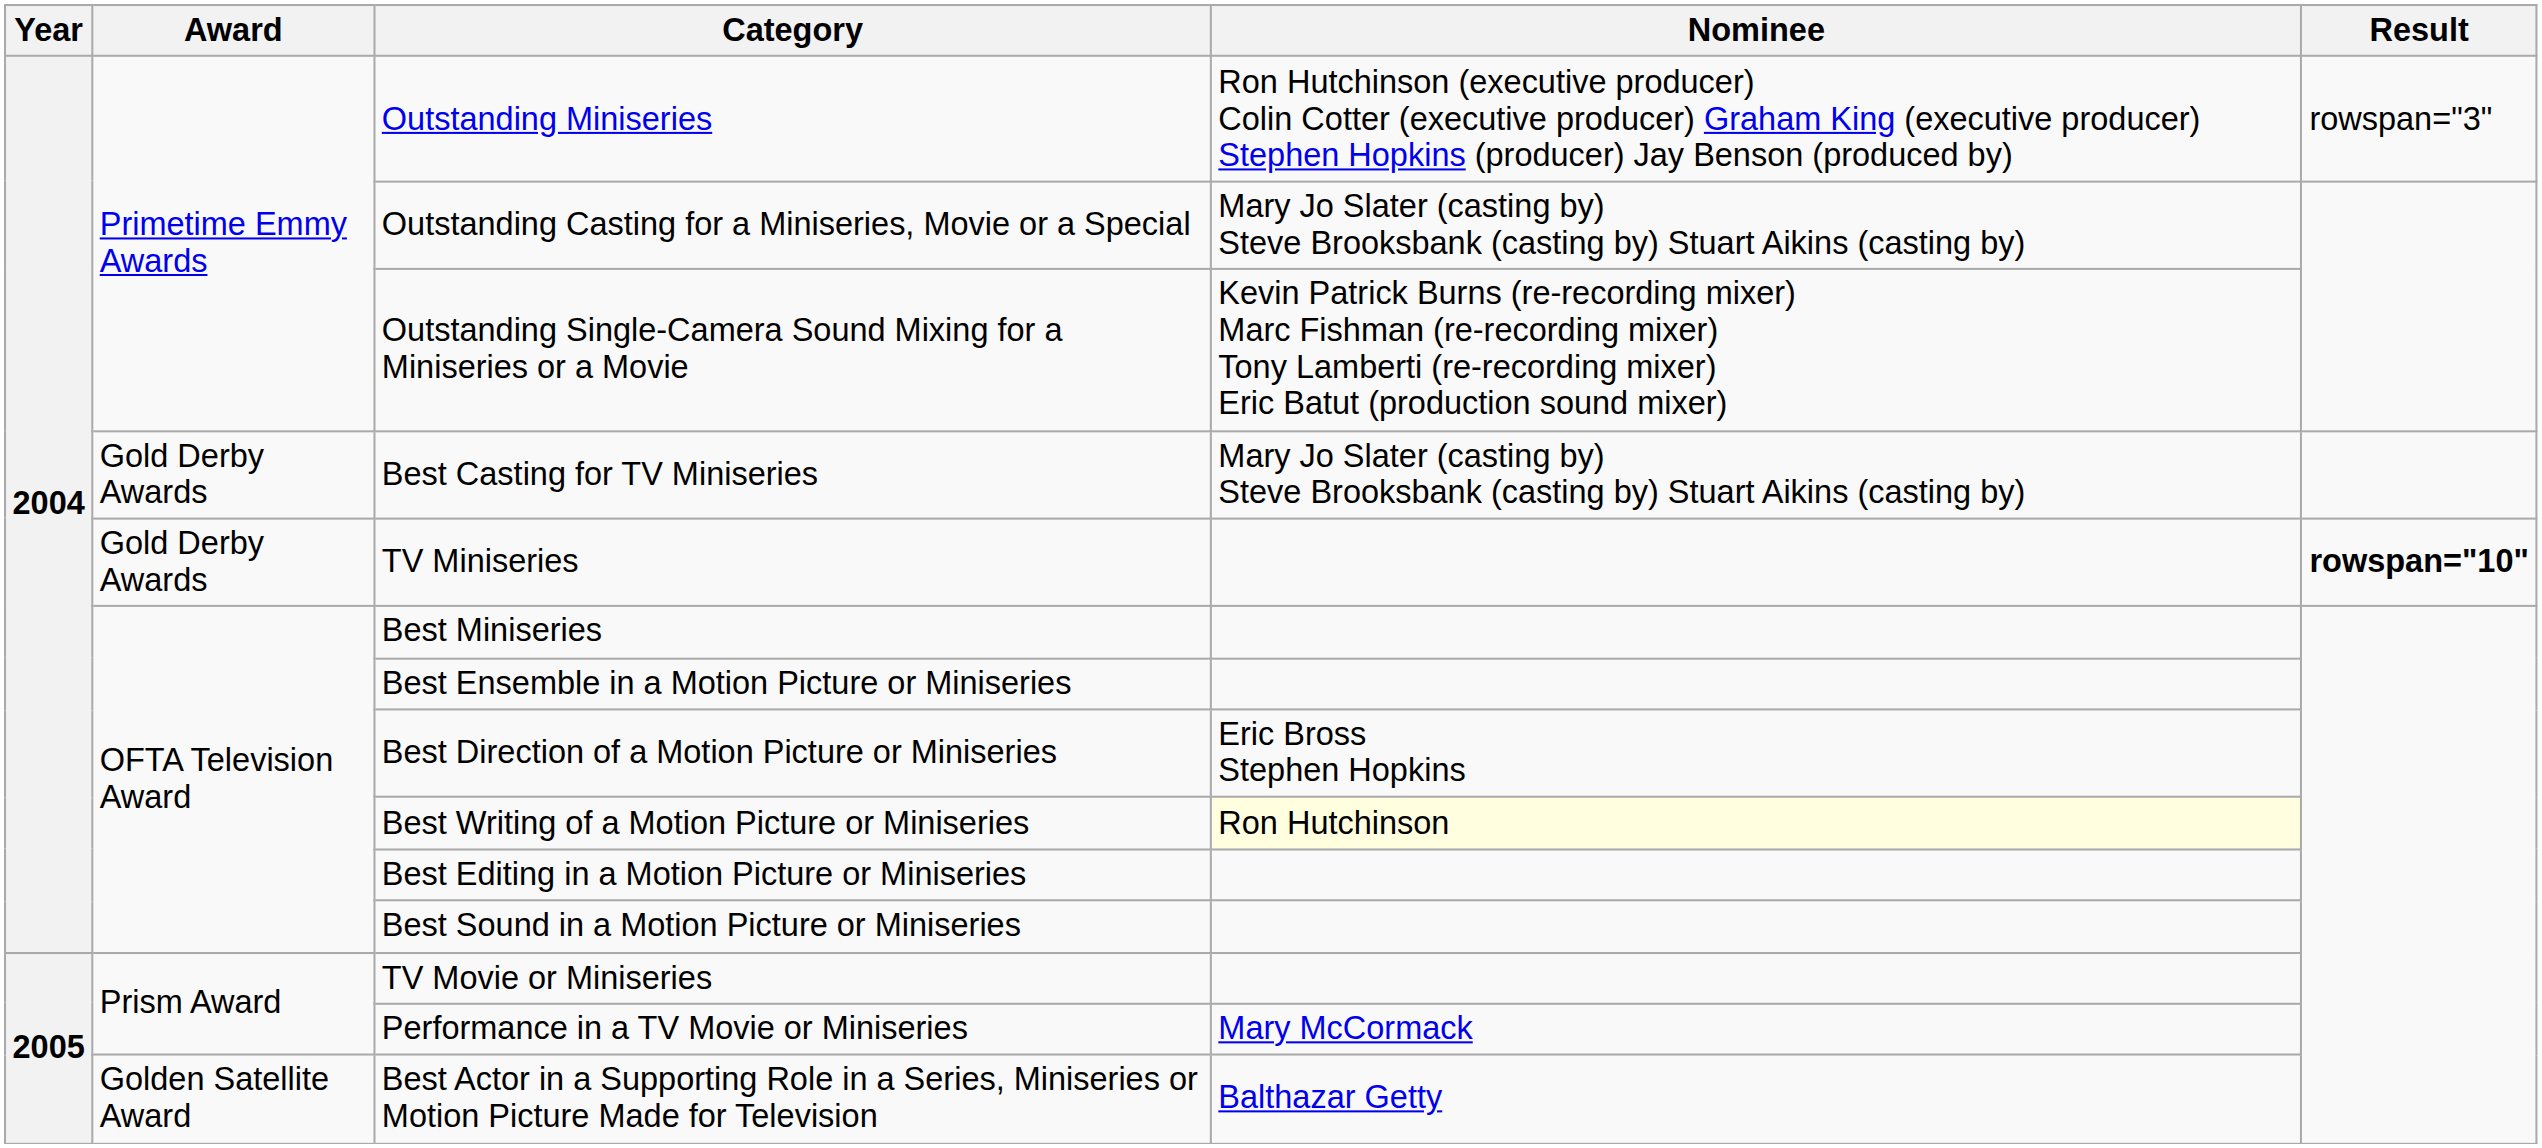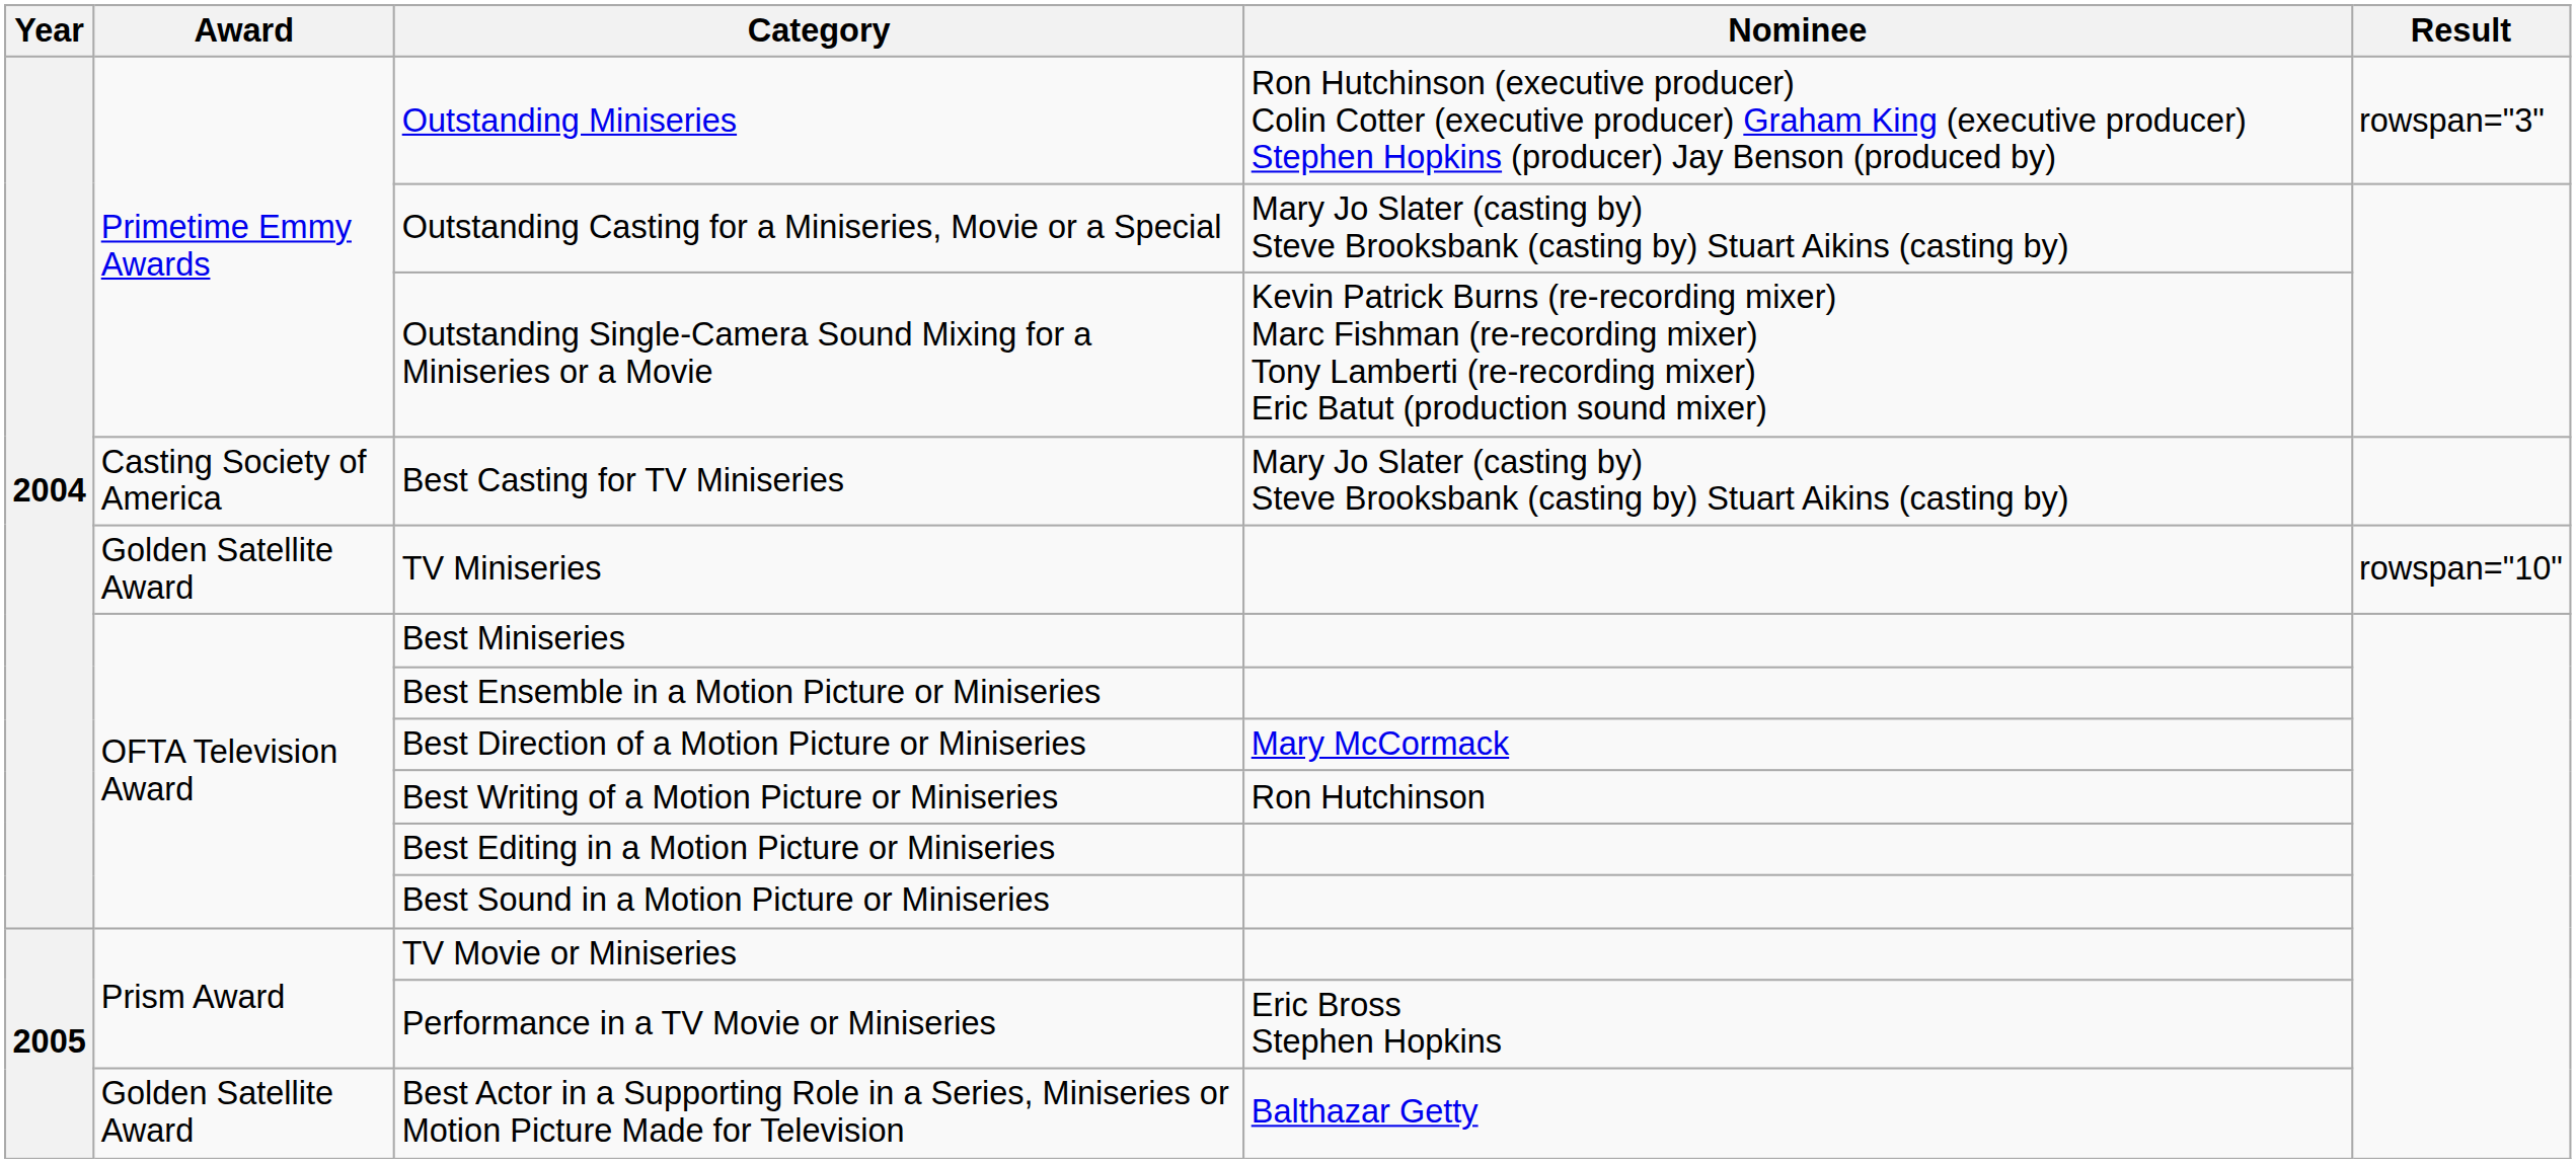 <table class="wikitable sortable">
 <tr>
 <th>Year</th>
 <th>Award</th>
 <th>Category</th>
 <th>Nominee</th>
 <th>Result</th>
 </tr>
 <tr>
 <th rowspan="11">2004</th>
 <td rowspan="3"><a href='#'>Primetime Emmy Awards</a></td>
 <td><a href='#'>Outstanding Miniseries</a></td>
 <td>Ron Hutchinson (executive producer)<br>Colin Cotter (executive producer) <a href='#'>Graham King</a> (executive producer) <a href='#'>Stephen Hopkins</a> (producer) Jay Benson (produced by)</td>
 <td>rowspan="3" </td>
 </tr>
 <tr>
 <td>Outstanding Casting for a Miniseries, Movie or a Special</td>
 <td>Mary Jo Slater (casting by)<br>Steve Brooksbank (casting by) Stuart Aikins (casting by)</td>
 </tr>
 <tr>
 <td>Outstanding Single-Camera Sound Mixing for a Miniseries or a Movie</td>
 <td>Kevin Patrick Burns (re-recording mixer)<br>Marc Fishman (re-recording mixer)<br>Tony Lamberti (re-recording mixer)<br>Eric Batut (production sound mixer)</td>
 </tr>
 <tr>
-<td>Gold Derby Awards</td>
+<td>Casting Society of America</td>
 <td>Best Casting for TV Miniseries</td>
 <td>Mary Jo Slater (casting by)<br>Steve Brooksbank (casting by) Stuart Aikins (casting by)</td>
 <td></td>
 </tr>
 <tr>
-<td>Gold Derby Awards</td>
+<td>Golden Satellite Award</td>
 <td>TV Miniseries</td>
 <td></td>
-<td><strong>rowspan="10" </strong></td>
+<td>rowspan="10" </td>
 </tr>
 <tr>
 <td rowspan="6">OFTA Television Award</td>
 <td>Best Miniseries</td>
 <td></td>
 </tr>
 <tr>
 <td>Best Ensemble in a Motion Picture or Miniseries</td>
 <td></td>
 </tr>
 <tr>
 <td>Best Direction of a Motion Picture or Miniseries</td>
-<td>Eric Bross<br>Stephen Hopkins</td>
+<td><a href='#'>Mary McCormack</a></td>
 </tr>
 <tr>
 <td>Best Writing of a Motion Picture or Miniseries</td>
-<td style="background: lightyellow;">Ron Hutchinson</td>
+<td>Ron Hutchinson</td>
 </tr>
 <tr>
 <td>Best Editing in a Motion Picture or Miniseries</td>
 <td></td>
 </tr>
 <tr>
 <td>Best Sound in a Motion Picture or Miniseries</td>
 <td></td>
 </tr>
 <tr>
 <th rowspan="3">2005</th>
 <td rowspan="2">Prism Award</td>
 <td>TV Movie or Miniseries</td>
 <td></td>
 </tr>
 <tr>
 <td>Performance in a TV Movie or Miniseries</td>
-<td><a href='#'>Mary McCormack</a></td>
+<td>Eric Bross<br>Stephen Hopkins</td>
 </tr>
 <tr>
 <td>Golden Satellite Award</td>
 <td>Best Actor in a Supporting Role in a Series, Miniseries or Motion Picture Made for Television</td>
 <td><a href='#'>Balthazar Getty</a></td>
 </tr>
 </table>
